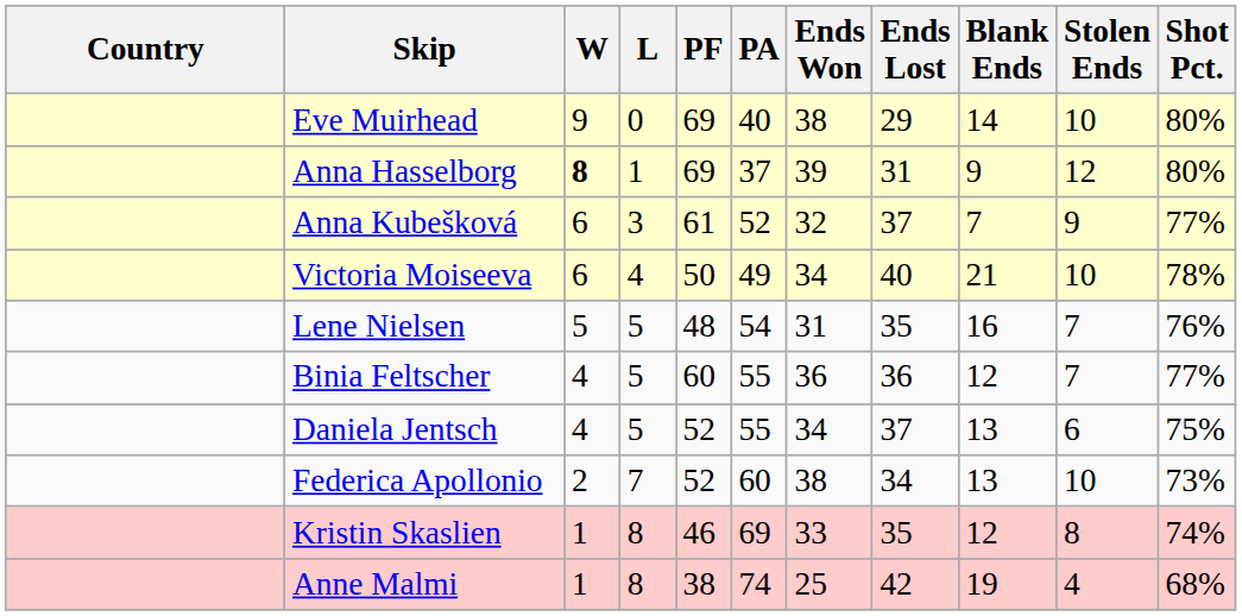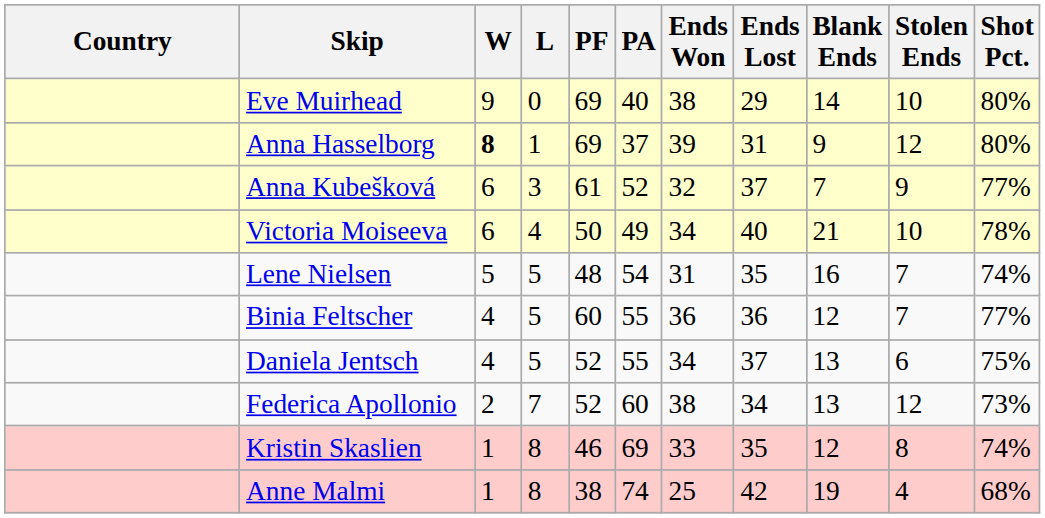 <table class=wikitable>
 <tr>
 <th width=130>Country</th>
 <th width=130>Skip</th>
 <th width=20>W</th>
 <th width=20>L</th>
 <th width=20>PF</th>
 <th width=20>PA</th>
 <th width=20>Ends Won</th>
 <th width=20>Ends Lost</th>
 <th width=20>Blank Ends</th>
 <th width=20>Stolen Ends</th>
 <th width=20>Shot Pct.</th>
 </tr>
 <tr style="background:#ffffcc;">
 <td></td>
 <td><a href='#'>Eve Muirhead</a></td>
 <td>9</td>
 <td>0</td>
 <td>69</td>
 <td>40</td>
 <td>38</td>
 <td>29</td>
 <td>14</td>
 <td>10</td>
 <td>80%</td>
 </tr>
 <tr style="background:#ffffcc;">
 <td></td>
 <td><a href='#'>Anna Hasselborg</a></td>
 <td><strong>8</strong></td>
 <td>1</td>
 <td>69</td>
 <td>37</td>
 <td>39</td>
 <td>31</td>
 <td>9</td>
 <td>12</td>
 <td>80%</td>
 </tr>
 <tr style="background:#ffffcc;">
 <td></td>
 <td><a href='#'>Anna Kubešková</a></td>
 <td>6</td>
 <td>3</td>
 <td>61</td>
 <td>52</td>
 <td>32</td>
 <td>37</td>
 <td>7</td>
 <td>9</td>
 <td>77%</td>
 </tr>
 <tr style="background:#ffffcc;">
 <td></td>
 <td><a href='#'>Victoria Moiseeva</a></td>
 <td>6</td>
 <td>4</td>
 <td>50</td>
 <td>49</td>
 <td>34</td>
 <td>40</td>
 <td>21</td>
 <td>10</td>
 <td>78%</td>
 </tr>
 <tr>
 <td></td>
 <td><a href='#'>Lene Nielsen</a></td>
 <td>5</td>
 <td>5</td>
 <td>48</td>
 <td>54</td>
 <td>31</td>
 <td>35</td>
 <td>16</td>
 <td>7</td>
-<td>76%</td>
+<td>74%</td>
 </tr>
 <tr>
 <td></td>
 <td><a href='#'>Binia Feltscher</a></td>
 <td>4</td>
 <td>5</td>
 <td>60</td>
 <td>55</td>
 <td>36</td>
 <td>36</td>
 <td>12</td>
 <td>7</td>
 <td>77%</td>
 </tr>
 <tr>
 <td></td>
 <td><a href='#'>Daniela Jentsch</a></td>
 <td>4</td>
 <td>5</td>
 <td>52</td>
 <td>55</td>
 <td>34</td>
 <td>37</td>
 <td>13</td>
 <td>6</td>
 <td>75%</td>
 </tr>
 <tr>
 <td></td>
 <td><a href='#'>Federica Apollonio</a></td>
 <td>2</td>
 <td>7</td>
 <td>52</td>
 <td>60</td>
 <td>38</td>
 <td>34</td>
 <td>13</td>
-<td>10</td>
+<td>12</td>
 <td>73%</td>
 </tr>
 <tr style="background:#ffcccc;">
 <td></td>
 <td><a href='#'>Kristin Skaslien</a></td>
 <td>1</td>
 <td>8</td>
 <td>46</td>
 <td>69</td>
 <td>33</td>
 <td>35</td>
 <td>12</td>
 <td>8</td>
 <td>74%</td>
 </tr>
 <tr style="background:#ffcccc;">
 <td></td>
 <td><a href='#'>Anne Malmi</a></td>
 <td>1</td>
 <td>8</td>
 <td>38</td>
 <td>74</td>
 <td>25</td>
 <td>42</td>
 <td>19</td>
 <td>4</td>
 <td>68%</td>
 </tr>
 </table>
